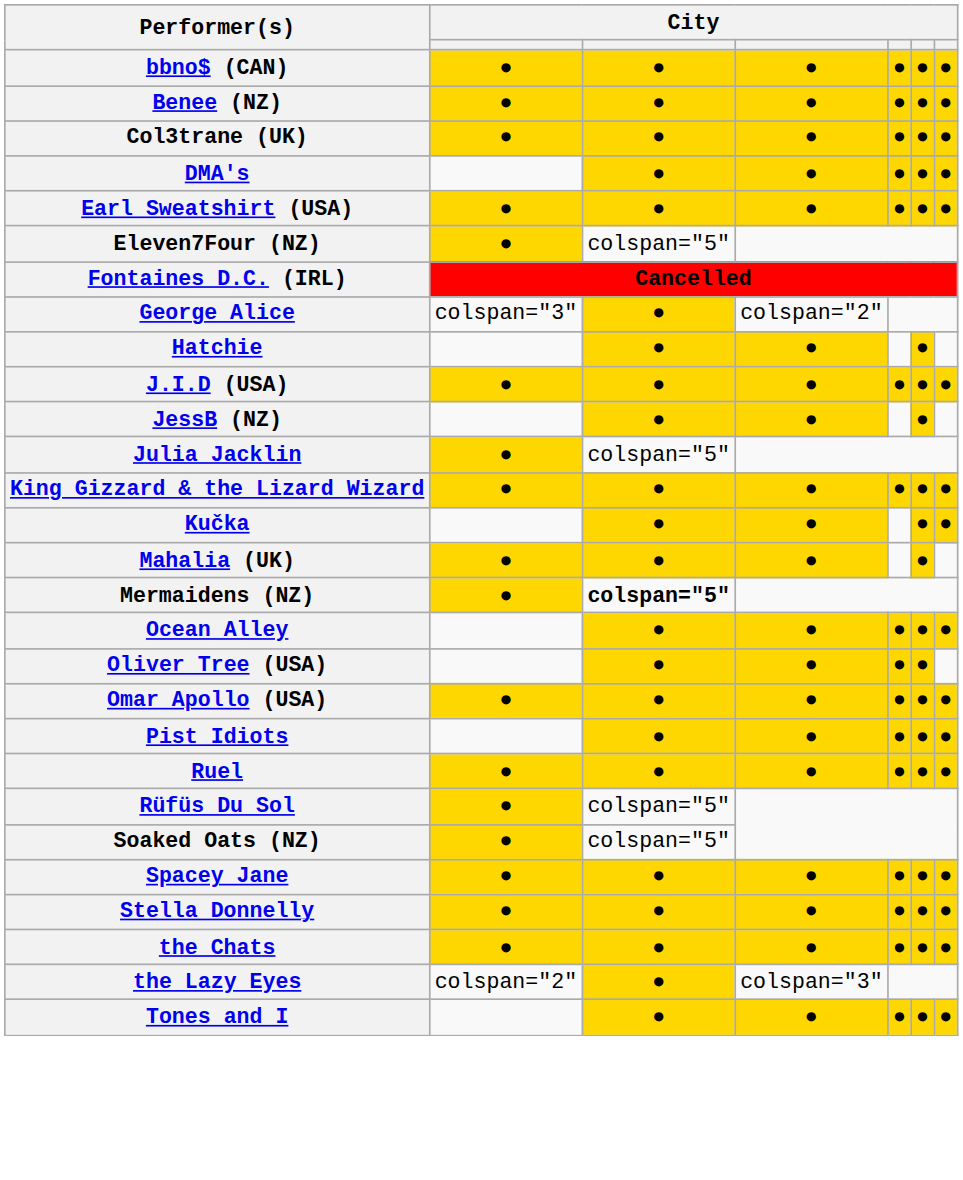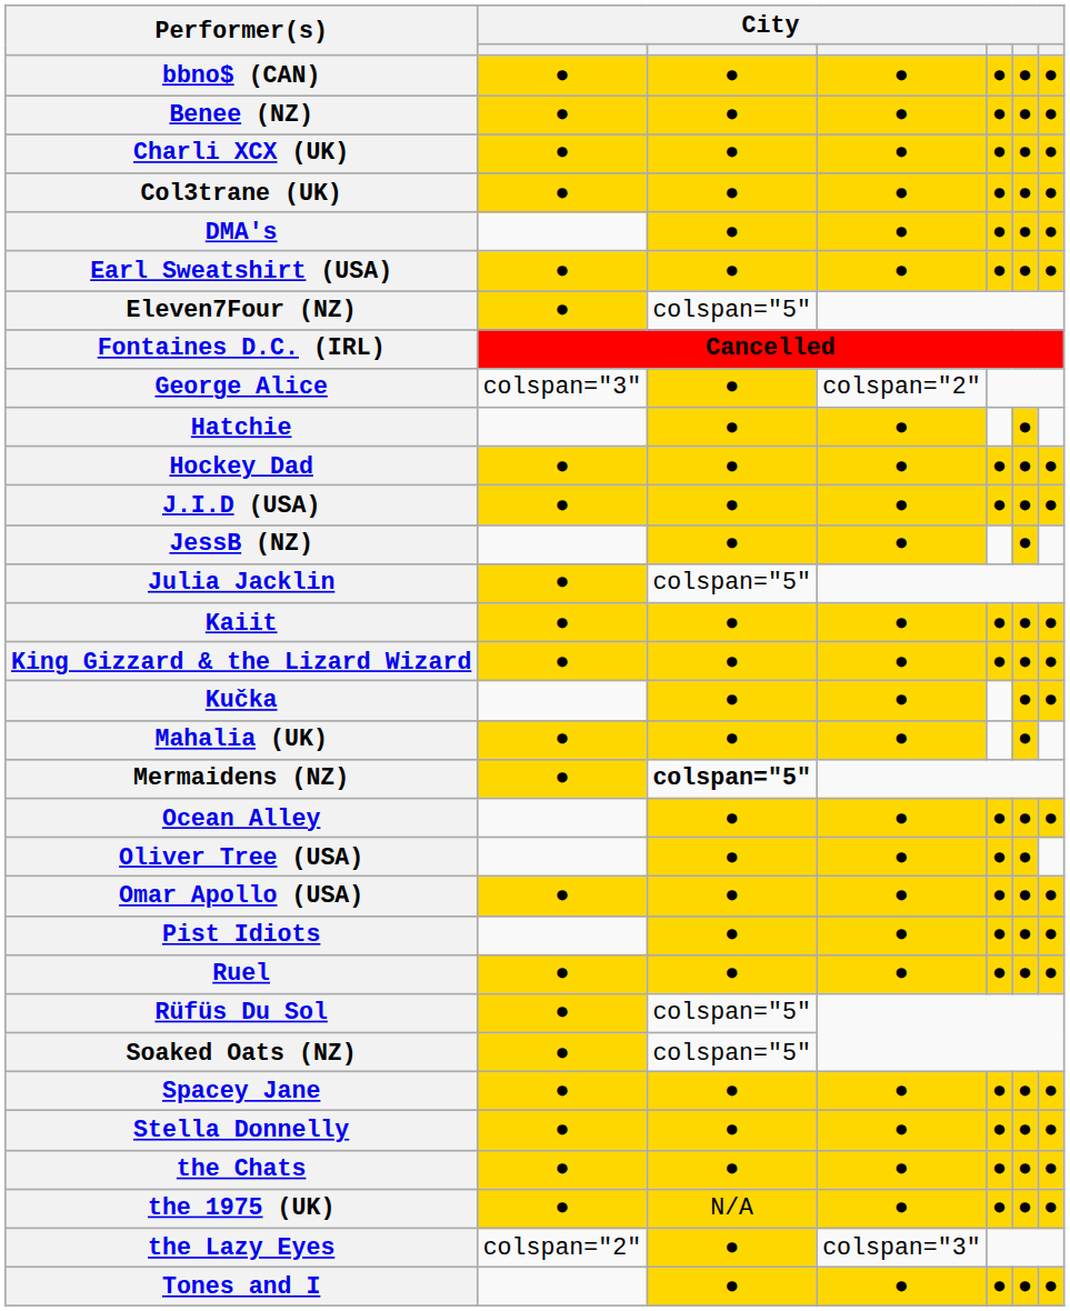 <table class="wikitable plainrowheaders" style="text-align:center">
 <tr>
 <th rowspan="2">Performer(s)</th>
 <th colspan="6">City</th>
 </tr>
 <tr>
 <th></th>
 <th></th>
 <th></th>
 <th></th>
 <th></th>
 <th></th>
 </tr>
 <tr>
 <th scope="row"><a href='#'>bbno$</a> (CAN)</th>
 <td bgcolor="Gold">●</td>
 <td bgcolor="Gold">●</td>
 <td bgcolor="Gold">●</td>
 <td bgcolor="Gold">●</td>
 <td bgcolor="Gold">●</td>
 <td bgcolor="Gold">●</td>
 </tr>
 <tr>
 <th scope="row"><a href='#'>Benee</a> (NZ)</th>
+<td bgcolor="Gold">●</td>
+<td bgcolor="Gold">●</td>
+<td bgcolor="Gold">●</td>
+<td bgcolor="Gold">●</td>
+<td bgcolor="Gold">●</td>
+<td bgcolor="Gold">●</td>
+</tr>
+<tr>
+<th scope="row"><a href='#'>Charli XCX</a> (UK)</th>
 <td bgcolor="Gold">●</td>
 <td bgcolor="Gold">●</td>
 <td bgcolor="Gold">●</td>
 <td bgcolor="Gold">●</td>
 <td bgcolor="Gold">●</td>
 <td bgcolor="Gold">●</td>
 </tr>
 <tr>
 <th scope="row">Col3trane (UK)</th>
 <td bgcolor="Gold">●</td>
 <td bgcolor="Gold">●</td>
 <td bgcolor="Gold">●</td>
 <td bgcolor="Gold">●</td>
 <td bgcolor="Gold">●</td>
 <td bgcolor="Gold">●</td>
 </tr>
 <tr>
 <th scope="row"><a href='#'>DMA's</a></th>
 <td></td>
 <td bgcolor="Gold">●</td>
 <td bgcolor="Gold">●</td>
 <td bgcolor="Gold">●</td>
 <td bgcolor="Gold">●</td>
 <td bgcolor="Gold">●</td>
 </tr>
 <tr>
 <th scope="row"><a href='#'>Earl Sweatshirt</a> (USA)</th>
 <td bgcolor="Gold">●</td>
 <td bgcolor="Gold">●</td>
 <td bgcolor="Gold">●</td>
 <td bgcolor="Gold">●</td>
 <td bgcolor="Gold">●</td>
 <td bgcolor="Gold">●</td>
 </tr>
 <tr>
 <th scope="row">Eleven7Four (NZ)</th>
 <td bgcolor="Gold">●</td>
 <td>colspan="5" </td>
 </tr>
 <tr>
 <th scope="row"><a href='#'>Fontaines D.C.</a> (IRL)</th>
 <td colspan="6" bgcolor="Red"><strong>Cancelled</strong></td>
 </tr>
 <tr>
 <th scope="row"><a href='#'>George Alice</a></th>
 <td>colspan="3" </td>
 <td bgcolor="Gold">●</td>
 <td>colspan="2" </td>
 </tr>
 <tr>
 <th scope="row"><a href='#'>Hatchie</a></th>
 <td></td>
 <td bgcolor="Gold">●</td>
 <td bgcolor="Gold">●</td>
 <td></td>
 <td bgcolor="Gold">●</td>
 <td></td>
 </tr>
 <tr>
+<th scope="row"><a href='#'>Hockey Dad</a></th>
+<td bgcolor="Gold">●</td>
+<td bgcolor="Gold">●</td>
+<td bgcolor="Gold">●</td>
+<td bgcolor="Gold">●</td>
+<td bgcolor="Gold">●</td>
+<td bgcolor="Gold">●</td>
+</tr>
+<tr>
 <th scope="row"><a href='#'>J.I.D</a> (USA)</th>
 <td bgcolor="Gold">●</td>
 <td bgcolor="Gold">●</td>
 <td bgcolor="Gold">●</td>
 <td bgcolor="Gold">●</td>
 <td bgcolor="Gold">●</td>
 <td bgcolor="Gold">●</td>
 </tr>
 <tr>
 <th scope="row"><a href='#'>JessB</a> (NZ)</th>
 <td></td>
 <td bgcolor="Gold">●</td>
 <td bgcolor="Gold">●</td>
 <td></td>
 <td bgcolor="Gold">●</td>
 <td></td>
 </tr>
 <tr>
 <th scope="row"><a href='#'>Julia Jacklin</a></th>
 <td bgcolor="Gold">●</td>
 <td>colspan="5" </td>
+</tr>
+<tr>
+<th scope="row"><a href='#'>Kaiit</a></th>
+<td bgcolor="Gold">●</td>
+<td bgcolor="Gold">●</td>
+<td bgcolor="Gold">●</td>
+<td bgcolor="Gold">●</td>
+<td bgcolor="Gold">●</td>
+<td bgcolor="Gold">●</td>
 </tr>
 <tr>
 <th scope="row"><a href='#'>King Gizzard & the Lizard Wizard</a></th>
 <td bgcolor="Gold">●</td>
 <td bgcolor="Gold">●</td>
 <td bgcolor="Gold">●</td>
 <td bgcolor="Gold">●</td>
 <td bgcolor="Gold">●</td>
 <td bgcolor="Gold">●</td>
 </tr>
 <tr>
 <th scope="row"><a href='#'>Kučka</a></th>
 <td></td>
 <td bgcolor="Gold">●</td>
 <td bgcolor="Gold">●</td>
 <td></td>
 <td bgcolor="Gold">●</td>
 <td bgcolor="Gold">●</td>
 </tr>
 <tr>
 <th scope="row"><a href='#'>Mahalia</a> (UK)</th>
 <td bgcolor="Gold">●</td>
 <td bgcolor="Gold">●</td>
 <td bgcolor="Gold">●</td>
 <td></td>
 <td bgcolor="Gold">●</td>
 <td></td>
 </tr>
 <tr>
 <th scope="row">Mermaidens (NZ)</th>
 <td bgcolor="Gold">●</td>
 <td><strong>colspan="5" </strong></td>
 </tr>
 <tr>
 <th scope="row"><a href='#'>Ocean Alley</a></th>
 <td></td>
 <td bgcolor="Gold">●</td>
 <td bgcolor="Gold">●</td>
 <td bgcolor="Gold">●</td>
 <td bgcolor="Gold">●</td>
 <td bgcolor="Gold">●</td>
 </tr>
 <tr>
 <th scope="row"><a href='#'>Oliver Tree</a> (USA)</th>
 <td></td>
 <td bgcolor="Gold">●</td>
 <td bgcolor="Gold">●</td>
 <td bgcolor="Gold">●</td>
 <td bgcolor="Gold">●</td>
 <td></td>
 </tr>
 <tr>
 <th scope="row"><a href='#'>Omar Apollo</a> (USA)</th>
 <td bgcolor="Gold">●</td>
 <td bgcolor="Gold">●</td>
 <td bgcolor="Gold">●</td>
 <td bgcolor="Gold">●</td>
 <td bgcolor="Gold">●</td>
 <td bgcolor="Gold">●</td>
 </tr>
 <tr>
 <th scope="row"><a href='#'>Pist Idiots</a></th>
 <td></td>
 <td bgcolor="Gold">●</td>
 <td bgcolor="Gold">●</td>
 <td bgcolor="Gold">●</td>
 <td bgcolor="Gold">●</td>
 <td bgcolor="Gold">●</td>
 </tr>
 <tr>
 <th scope="row"><a href='#'>Ruel</a></th>
 <td bgcolor="Gold">●</td>
 <td bgcolor="Gold">●</td>
 <td bgcolor="Gold">●</td>
 <td bgcolor="Gold">●</td>
 <td bgcolor="Gold">●</td>
 <td bgcolor="Gold">●</td>
 </tr>
 <tr>
 <th scope="row"><a href='#'>Rüfüs Du Sol</a></th>
 <td bgcolor="Gold">●</td>
 <td>colspan="5" </td>
 </tr>
 <tr>
 <th scope="row">Soaked Oats (NZ)</th>
 <td bgcolor="Gold">●</td>
 <td>colspan="5" </td>
 </tr>
 <tr>
 <th scope="row"><a href='#'>Spacey Jane</a></th>
 <td bgcolor="Gold">●</td>
 <td bgcolor="Gold">●</td>
 <td bgcolor="Gold">●</td>
 <td bgcolor="Gold">●</td>
 <td bgcolor="Gold">●</td>
 <td bgcolor="Gold">●</td>
 </tr>
 <tr>
 <th scope="row"><a href='#'>Stella Donnelly</a></th>
 <td bgcolor="Gold">●</td>
 <td bgcolor="Gold">●</td>
 <td bgcolor="Gold">●</td>
 <td bgcolor="Gold">●</td>
 <td bgcolor="Gold">●</td>
 <td bgcolor="Gold">●</td>
 </tr>
 <tr>
 <th scope="row"><a href='#'>the Chats</a></th>
 <td bgcolor="Gold">●</td>
 <td bgcolor="Gold">●</td>
 <td bgcolor="Gold">●</td>
 <td bgcolor="Gold">●</td>
 <td bgcolor="Gold">●</td>
 <td bgcolor="Gold">●</td>
 </tr>
 <tr>
+<th scope="row"><a href='#'>the 1975</a> (UK)</th>
+<td bgcolor="Gold">●</td>
+<td bgcolor="Gold">N/A</td>
+<td bgcolor="Gold">●</td>
+<td bgcolor="Gold">●</td>
+<td bgcolor="Gold">●</td>
+<td bgcolor="Gold">●</td>
+</tr>
+<tr>
 <th scope="row"><a href='#'>the Lazy Eyes</a></th>
 <td>colspan="2" </td>
 <td bgcolor="Gold">●</td>
 <td>colspan="3" </td>
 </tr>
 <tr>
 <th scope="row"><a href='#'>Tones and I</a></th>
 <td></td>
 <td bgcolor="Gold">●</td>
 <td bgcolor="Gold">●</td>
 <td bgcolor="Gold">●</td>
 <td bgcolor="Gold">●</td>
 <td bgcolor="Gold">●</td>
 </tr>
 </table>
